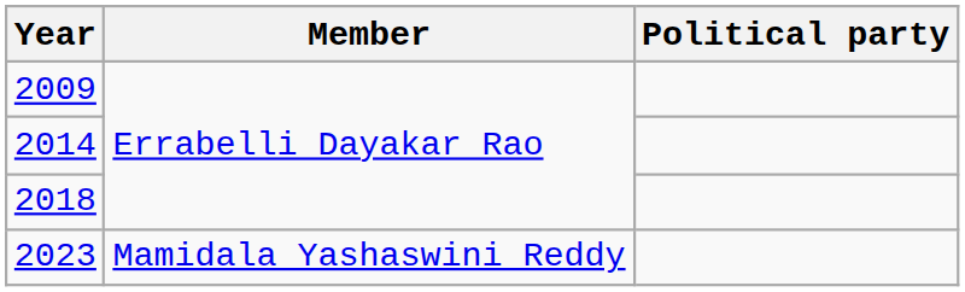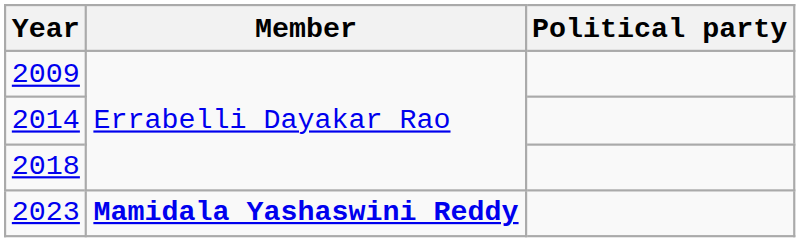 <table class="wikitable sortable">
 <tr>
 <th>Year</th>
 <th>Member</th>
 <th colspan="2">Political party</th>
 </tr>
 <tr>
 <td><a href='#'>2009</a></td>
 <td rowspan="3"><a href='#'>Errabelli Dayakar Rao</a></td>
 <td></td>
 </tr>
 <tr>
 <td><a href='#'>2014</a></td>
 </tr>
 <tr>
 <td><a href='#'>2018</a></td>
 <td></td>
 </tr>
 <tr>
 <td><a href='#'>2023</a></td>
-<td><a href='#'>Mamidala Yashaswini Reddy</a></td>
+<td><strong><a href='#'>Mamidala Yashaswini Reddy</a></strong></td>
 <td></td>
 </tr>
 </table>
